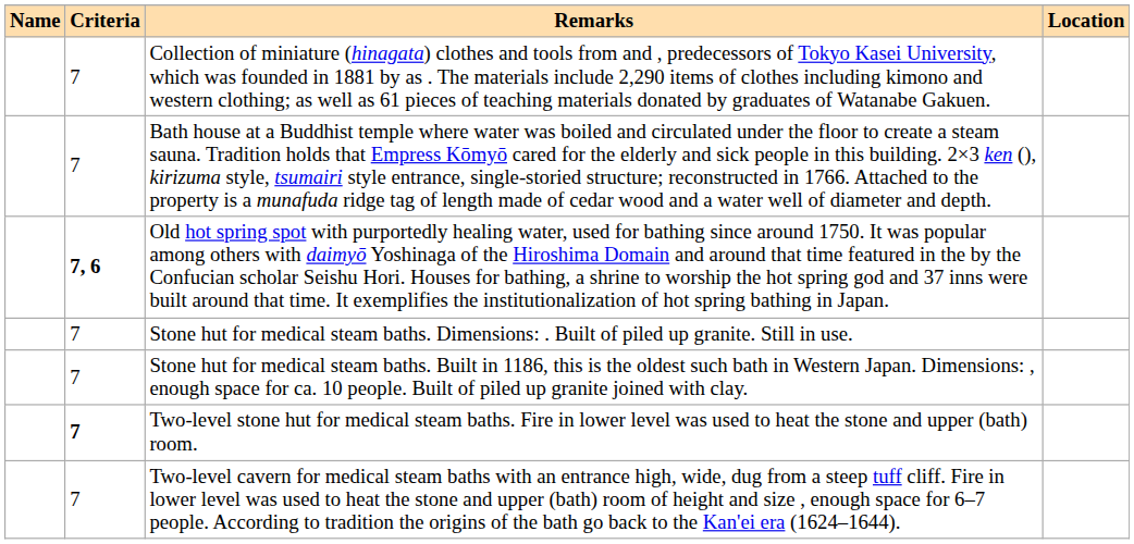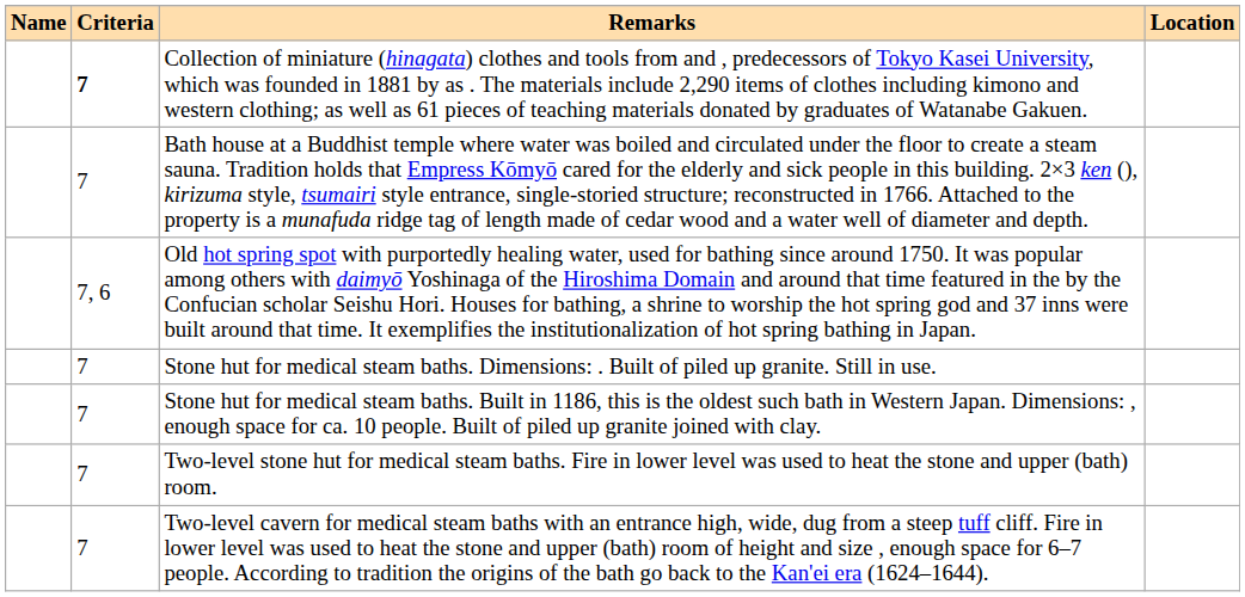 <table class="wikitable sortable" width="100%" style="background:#ffffff;">
 <tr>
 </tr>
 <tr>
 <th scope="col" align="left" style="background:#ffdead;">Name</th>
 <th scope="col" align="left" style="background:#ffdead;">Criteria</th>
 <th scope="col" align="left" style="background:#ffdead;" class="unsortable">Remarks</th>
 <th scope="col" style="background:#ffdead;">Location</th>
 </tr>
 <tr>
 <td></td>
-<td>7</td>
+<td><strong>7</strong></td>
 <td>Collection of miniature (<em><a href='#'>hinagata</a></em>) clothes and tools from  and , predecessors of <a href='#'>Tokyo Kasei University</a>, which was founded in 1881 by  as . The materials include 2,290 items of clothes including kimono and western clothing; as well as 61 pieces of teaching materials donated by graduates of Watanabe Gakuen.</td>
 <td></td>
 </tr>
 <tr>
 <td></td>
 <td>7</td>
 <td>Bath house at a Buddhist temple where water was boiled and circulated under the floor to create a steam sauna. Tradition holds that <a href='#'>Empress Kōmyō</a> cared for the elderly and sick people in this building. 2×3 <em><a href='#'>ken</a></em> (), <em>kirizuma</em> style, <em><a href='#'>tsumairi</a></em> style entrance, single-storied structure; reconstructed in 1766. Attached to the property is a <em>munafuda</em> ridge tag of  length made of cedar wood and a water well of  diameter and  depth.</td>
 <td></td>
 </tr>
 <tr>
 <td></td>
-<td><strong>7, 6</strong></td>
+<td>7, 6</td>
 <td>Old <a href='#'>hot spring spot</a> with purportedly healing water, used for bathing since around 1750. It was popular among others with <em><a href='#'>daimyō</a></em> Yoshinaga of the <a href='#'>Hiroshima Domain</a> and around that time featured in the  by the Confucian scholar Seishu Hori. Houses for bathing, a shrine to worship the hot spring god and 37 inns were built around that time. It exemplifies the institutionalization of hot spring bathing in Japan.</td>
 <td></td>
 </tr>
 <tr>
 <td></td>
 <td>7</td>
 <td>Stone hut for medical steam baths. Dimensions: . Built of piled up granite. Still in use.</td>
 <td></td>
 </tr>
 <tr>
 <td></td>
 <td>7</td>
 <td>Stone hut for medical steam baths. Built in 1186, this is the oldest such bath in Western Japan. Dimensions: , enough space for ca. 10 people. Built of piled up granite joined with clay.</td>
 <td></td>
 </tr>
 <tr>
 <td></td>
-<td><strong>7</strong></td>
+<td>7</td>
 <td>Two-level stone hut for medical steam baths. Fire in lower level was used to heat the stone and upper (bath) room.</td>
 <td></td>
 </tr>
 <tr>
 <td></td>
 <td>7</td>
 <td>Two-level cavern for medical steam baths with an entrance  high,  wide, dug from a steep <a href='#'>tuff</a> cliff. Fire in lower level was used to heat the stone and upper (bath) room of height  and size , enough space for 6–7 people. According to tradition the origins of the bath go back to the <a href='#'>Kan'ei era</a> (1624–1644).</td>
 <td></td>
 </tr>
 </table>
